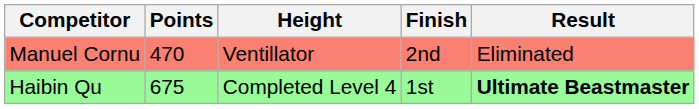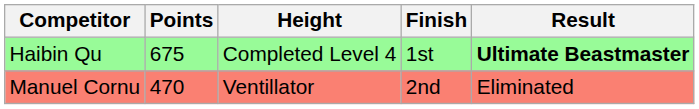 <table class="wikitable sortable">
 <tr>
 <th>Competitor</th>
 <th>Points</th>
 <th>Height</th>
 <th>Finish</th>
 <th>Result</th>
 </tr>
+<tr style="background-color:#98fb98">
+<td> Haibin Qu</td>
+<td>675</td>
+<td>Completed Level 4</td>
+<td>1st</td>
+<td><strong>Ultimate Beastmaster</strong></td>
+</tr>
 <tr style="background-color:#fa8072;">
 <td> Manuel Cornu</td>
 <td>470</td>
 <td>Ventillator</td>
 <td>2nd</td>
 <td>Eliminated</td>
 </tr>
-<tr style="background-color:#98fb98">
-<td> Haibin Qu</td>
-<td>675</td>
-<td>Completed Level 4</td>
-<td>1st</td>
-<td><strong>Ultimate Beastmaster</strong></td>
-</tr>
 </table>
